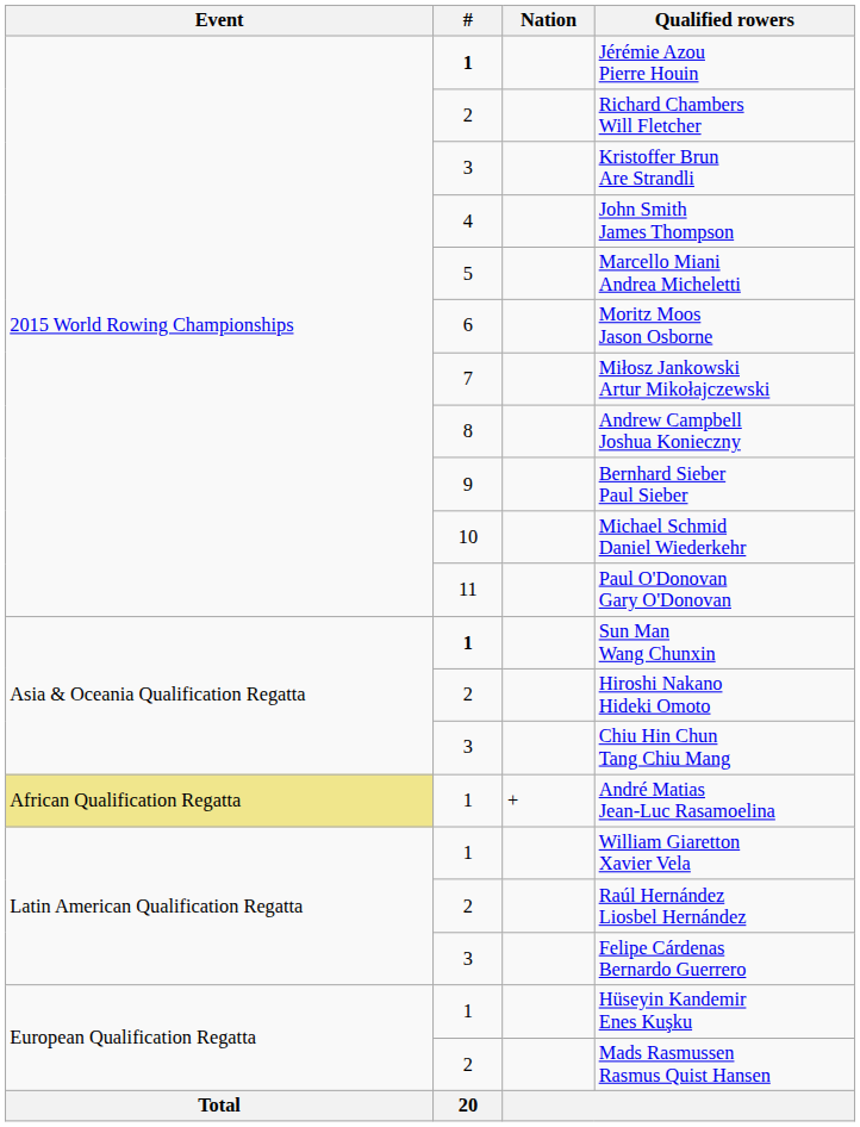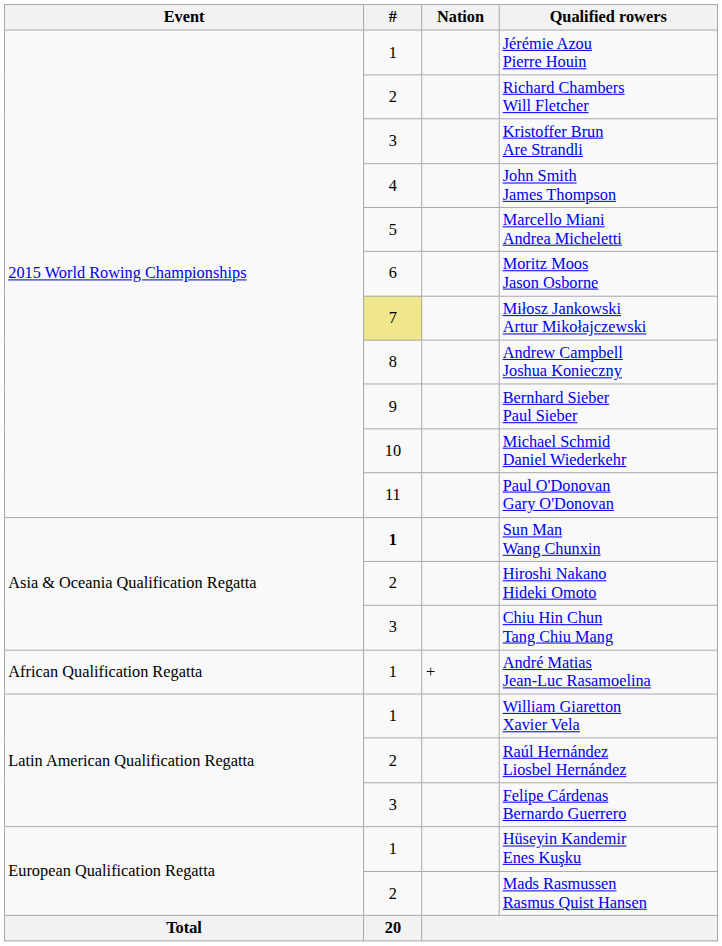 <table class="wikitable"  style="width:700px; text-align:center;">
 <tr>
 <th>Event</th>
 <th width=50>#</th>
 <th>Nation</th>
 <th>Qualified rowers</th>
 </tr>
 <tr>
 <td rowspan=11 align=left><a href='#'>2015 World Rowing Championships</a></td>
-<td><strong>1</strong></td>
+<td>1</td>
 <td align=left></td>
 <td align=left><a href='#'>Jérémie Azou</a><br><a href='#'>Pierre Houin</a></td>
 </tr>
 <tr>
 <td>2</td>
 <td align=left></td>
 <td align=left><a href='#'>Richard Chambers</a><br><a href='#'>Will Fletcher</a></td>
 </tr>
 <tr>
 <td>3</td>
 <td align=left></td>
 <td align=left><a href='#'>Kristoffer Brun</a><br><a href='#'>Are Strandli</a></td>
 </tr>
 <tr>
 <td>4</td>
 <td align=left></td>
 <td align=left><a href='#'>John Smith</a><br><a href='#'>James Thompson</a></td>
 </tr>
 <tr>
 <td>5</td>
 <td align=left></td>
 <td align=left><a href='#'>Marcello Miani</a><br><a href='#'>Andrea Micheletti</a></td>
 </tr>
 <tr>
 <td>6</td>
 <td align=left></td>
 <td align=left><a href='#'>Moritz Moos</a><br><a href='#'>Jason Osborne</a></td>
 </tr>
 <tr>
-<td>7</td>
+<td style="background: khaki;">7</td>
 <td align=left></td>
 <td align=left><a href='#'>Miłosz Jankowski</a><br><a href='#'>Artur Mikołajczewski</a></td>
 </tr>
 <tr>
 <td>8</td>
 <td align=left></td>
 <td align=left><a href='#'>Andrew Campbell</a><br><a href='#'>Joshua Konieczny</a></td>
 </tr>
 <tr>
 <td>9</td>
 <td align=left></td>
 <td align=left><a href='#'>Bernhard Sieber</a><br><a href='#'>Paul Sieber</a></td>
 </tr>
 <tr>
 <td>10</td>
 <td align=left></td>
 <td align=left><a href='#'>Michael Schmid</a><br><a href='#'>Daniel Wiederkehr</a></td>
 </tr>
 <tr>
 <td>11</td>
 <td align=left></td>
 <td align=left><a href='#'>Paul O'Donovan</a><br><a href='#'>Gary O'Donovan</a></td>
 </tr>
 <tr>
 <td rowspan=3 align=left>Asia & Oceania Qualification Regatta</td>
 <td><strong>1</strong></td>
 <td align=left></td>
 <td align=left><a href='#'>Sun Man</a><br><a href='#'>Wang Chunxin</a></td>
 </tr>
 <tr>
 <td>2</td>
 <td align=left></td>
 <td align=left><a href='#'>Hiroshi Nakano</a><br><a href='#'>Hideki Omoto</a></td>
 </tr>
 <tr>
 <td>3</td>
 <td align=left></td>
 <td align=left><a href='#'>Chiu Hin Chun</a><br><a href='#'>Tang Chiu Mang</a></td>
 </tr>
 <tr>
-<td align=left style="background: khaki;">African Qualification Regatta</td>
+<td align=left>African Qualification Regatta</td>
 <td>1</td>
 <td align=left>+</td>
 <td align=left><a href='#'>André Matias</a><br><a href='#'>Jean-Luc Rasamoelina</a></td>
 </tr>
 <tr>
 <td rowspan=3 align=left>Latin American Qualification Regatta</td>
 <td>1</td>
 <td align=left></td>
 <td align=left><a href='#'>William Giaretton</a><br><a href='#'>Xavier Vela</a></td>
 </tr>
 <tr>
 <td>2</td>
 <td align=left></td>
 <td align=left><a href='#'>Raúl Hernández</a><br><a href='#'>Liosbel Hernández</a></td>
 </tr>
 <tr>
 <td>3</td>
 <td align=left></td>
 <td align=left><a href='#'>Felipe Cárdenas</a><br><a href='#'>Bernardo Guerrero</a></td>
 </tr>
 <tr>
 <td rowspan=2 align=left>European Qualification Regatta</td>
 <td>1</td>
 <td align=left></td>
 <td align=left><a href='#'>Hüseyin Kandemir</a><br><a href='#'>Enes Kuşku</a></td>
 </tr>
 <tr>
 <td>2</td>
 <td align=left></td>
 <td align=left><a href='#'>Mads Rasmussen</a><br><a href='#'>Rasmus Quist Hansen</a></td>
 </tr>
 <tr>
 <th>Total</th>
 <th>20</th>
 <th colspan=2></th>
 </tr>
 </table>
